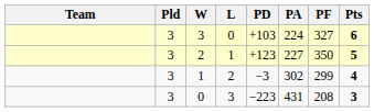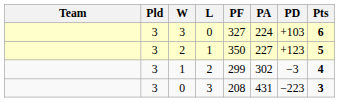 <table class="wikitable" style="text-align:center;">
 <tr>
 <th width=180>Team</th>
 <th width=30>Pld</th>
 <th width=30>W</th>
 <th width=30>L</th>
+<th width=30>PF</th>
+<th width=30>PA</th>
 <th width=30>PD</th>
-<th width=30>PA</th>
-<th width=30>PF</th>
 <th width=30>Pts</th>
 </tr>
 <tr align=center bgcolor="ffffcc">
 <td align="left"></td>
 <td>3</td>
 <td>3</td>
 <td>0</td>
+<td>327</td>
+<td>224</td>
 <td>+103</td>
-<td>224</td>
-<td>327</td>
 <td><strong>6</strong></td>
 </tr>
 <tr align=center bgcolor="ffffcc">
 <td align="left"></td>
 <td>3</td>
 <td>2</td>
 <td>1</td>
+<td>350</td>
+<td>227</td>
 <td>+123</td>
-<td>227</td>
-<td>350</td>
 <td><strong>5</strong></td>
 </tr>
 <tr>
 <td align="left"></td>
 <td>3</td>
 <td>1</td>
 <td>2</td>
+<td>299</td>
+<td>302</td>
 <td>−3</td>
-<td>302</td>
-<td>299</td>
 <td><strong>4</strong></td>
 </tr>
 <tr>
 <td align="left"></td>
 <td>3</td>
 <td>0</td>
 <td>3</td>
+<td>208</td>
+<td>431</td>
 <td>−223</td>
-<td>431</td>
-<td>208</td>
 <td><strong>3</strong></td>
 </tr>
 </table>
